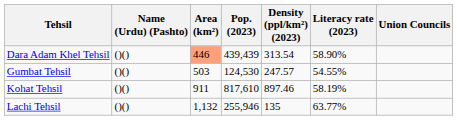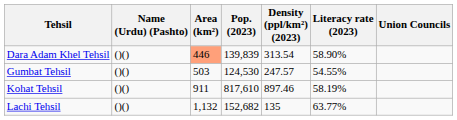 <table class="wikitable sortable static-row-numbers static-row-header-hash">
 <tr>
 <th>Tehsil</th>
 <th>Name<br>(Urdu) (Pashto)</th>
 <th>Area<br>(km²)</th>
 <th>Pop.<br>(2023)</th>
 <th>Density<br>(ppl/km²)<br>(2023)</th>
 <th>Literacy rate<br>(2023)</th>
 <th>Union Councils</th>
 </tr>
 <tr>
 <td><a href='#'>Dara Adam Khel Tehsil</a></td>
 <td>()()</td>
 <td style="background: lightsalmon;">446</td>
-<td>439,439</td>
+<td>139,839</td>
 <td>313.54</td>
 <td>58.90%</td>
 <td></td>
 </tr>
 <tr>
 <td><a href='#'>Gumbat Tehsil</a></td>
 <td>()()</td>
 <td>503</td>
 <td>124,530</td>
 <td>247.57</td>
 <td>54.55%</td>
 <td></td>
 </tr>
 <tr>
 <td><a href='#'>Kohat Tehsil</a></td>
 <td>()()</td>
 <td>911</td>
 <td>817,610</td>
 <td>897.46</td>
 <td>58.19%</td>
 <td></td>
 </tr>
 <tr>
 <td><a href='#'>Lachi Tehsil</a></td>
 <td>()()</td>
 <td>1,132</td>
-<td>255,946</td>
+<td>152,682</td>
 <td>135</td>
 <td>63.77%</td>
 <td></td>
 </tr>
 </table>
